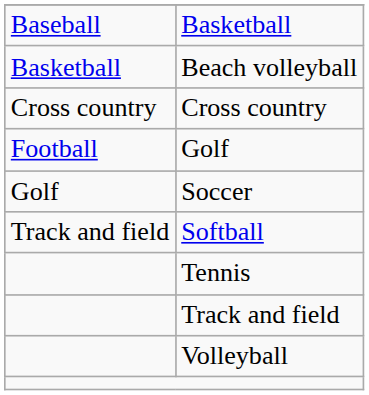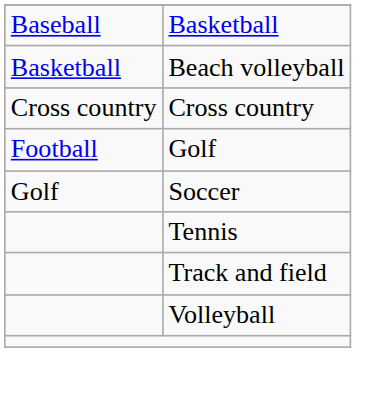 <table class="wikitable" style=" ">
 <tr>
 </tr>
 <tr>
 <td><a href='#'>Baseball</a></td>
 <td><a href='#'>Basketball</a></td>
 </tr>
 <tr>
 <td><a href='#'>Basketball</a></td>
 <td>Beach volleyball</td>
 </tr>
 <tr>
 <td>Cross country</td>
 <td>Cross country</td>
 </tr>
 <tr>
 <td><a href='#'>Football</a></td>
 <td>Golf</td>
 </tr>
 <tr>
 <td>Golf</td>
 <td>Soccer</td>
 </tr>
 <tr>
-<td>Track and field</td>
-<td><a href='#'>Softball</a></td>
-</tr>
-<tr>
 <td></td>
 <td>Tennis</td>
 </tr>
 <tr>
 <td></td>
 <td>Track and field</td>
 </tr>
 <tr>
 <td></td>
 <td>Volleyball</td>
 </tr>
 <tr>
 <td colspan="2"></td>
 </tr>
 </table>
